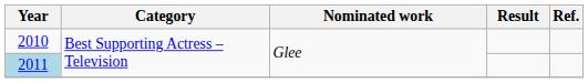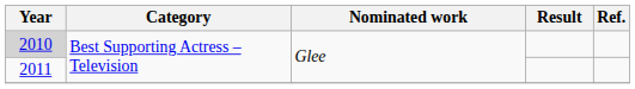 <table class=wikitable>
 <tr>
 <th scope="col" style="width:5em;">Year</th>
 <th scope="col" style="width:26em;">Category</th>
 <th scope="col" style="width:27em;">Nominated work</th>
 <th scope="col" style="width:5em;">Result</th>
 <th>Ref.</th>
 </tr>
 <tr>
-<td style="text-align:center;"><a href='#'>2010</a></td>
+<td style="background: lightgrey; text-align:center;"><a href='#'>2010</a></td>
 <td rowspan=2><a href='#'>Best Supporting Actress – Television</a></td>
 <td rowspan=2><em>Glee</em></td>
 <td></td>
 <td style="text-align:center;"></td>
 </tr>
 <tr>
-<td style="background: lightblue; text-align:center;"><a href='#'>2011</a></td>
+<td style="text-align:center;"><a href='#'>2011</a></td>
 <td></td>
 <td style="text-align:center;"></td>
 </tr>
 <tr>
 </tr>
 </table>
